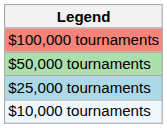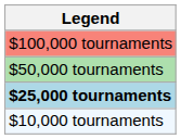 <table class=wikitable style="font-size:85%">
 <tr>
 <th>Legend</th>
 </tr>
 <tr style="background:#f88379;">
 <td>$100,000 tournaments</td>
 </tr>
 <tr style="background:#addfad;">
 <td>$50,000 tournaments</td>
 </tr>
 <tr style="background:lightblue;">
-<td>$25,000 tournaments</td>
+<td><strong>$25,000 tournaments</strong></td>
 </tr>
 <tr style="background:#f0f8ff;">
 <td>$10,000 tournaments</td>
 </tr>
 </table>
